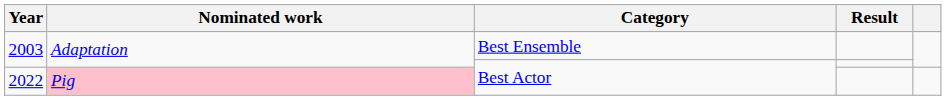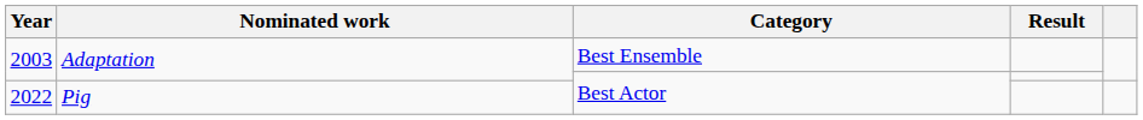 <table class="wikitable sortable">
 <tr>
 <th scope="col" style="width:1em;">Year</th>
 <th scope="col" style="width:39em;">Nominated work</th>
 <th scope="col" style="width:33em;">Category</th>
 <th scope="col" style="width:5em;">Result</th>
 <th scope="col" style="width:2em;" class="unsortable"></th>
 </tr>
 <tr>
 <td rowspan="2"><a href='#'>2003</a></td>
 <td rowspan="2"><em><a href='#'>Adaptation</a></em></td>
 <td><a href='#'>Best Ensemble</a></td>
 <td></td>
 <td style="text-align:center;" rowspan="2"></td>
 </tr>
 <tr>
 <td rowspan="2"><a href='#'>Best Actor</a></td>
 <td></td>
 </tr>
 <tr>
 <td><a href='#'>2022</a></td>
-<td style="background: pink;"><em><a href='#'>Pig</a></em></td>
+<td><em><a href='#'>Pig</a></em></td>
 <td></td>
 </tr>
 </table>
